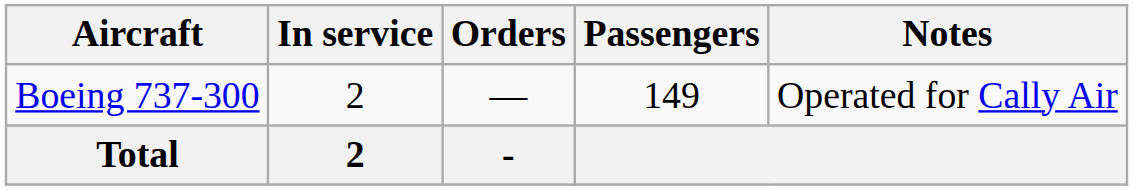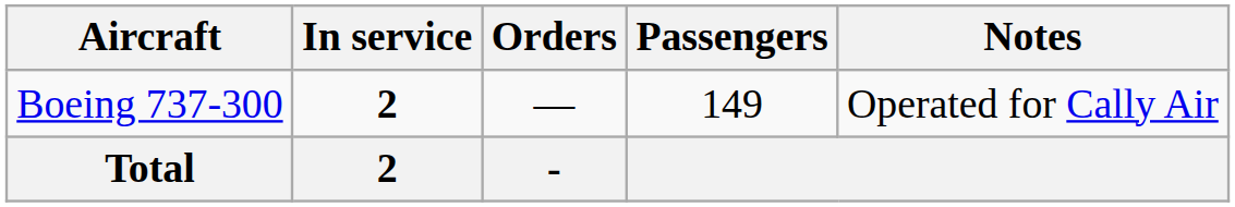 <table class="wikitable" style="margin:1em auto; border-collapse:collapse;text-align:center">
 <tr>
 <th>Aircraft</th>
 <th>In service</th>
 <th>Orders</th>
 <th>Passengers</th>
 <th>Notes</th>
 </tr>
 <tr>
 <td><a href='#'>Boeing 737-300</a></td>
-<td>2</td>
+<td><strong>2</strong></td>
 <td>—</td>
 <td>149</td>
 <td>Operated for <a href='#'>Cally Air</a></td>
 </tr>
 <tr>
 <th>Total</th>
 <th>2</th>
 <th>-</th>
 <th colspan="2"></th>
 </tr>
 </table>
